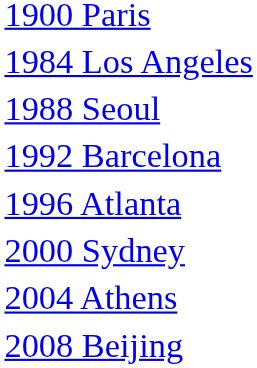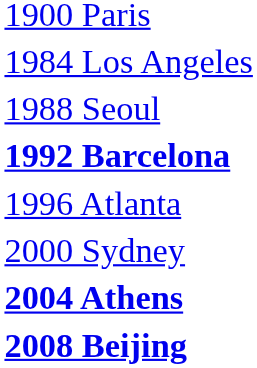 <table>
 <tr>
 <td><a href='#'>1900 Paris</a><br></td>
 <td></td>
 <td></td>
 <td></td>
 </tr>
 <tr>
 <td><a href='#'>1984 Los Angeles</a><br></td>
 <td></td>
 <td></td>
 <td></td>
 </tr>
 <tr>
 <td><a href='#'>1988 Seoul</a><br></td>
 <td></td>
 <td></td>
 <td></td>
 </tr>
 <tr>
-<td><a href='#'>1992 Barcelona</a><br></td>
+<td><strong><a href='#'>1992 Barcelona</a><br></strong></td>
 <td></td>
 <td></td>
 <td></td>
 </tr>
 <tr>
 <td><a href='#'>1996 Atlanta</a><br></td>
 <td></td>
 <td></td>
 <td></td>
 </tr>
 <tr>
 <td><a href='#'>2000 Sydney</a><br></td>
 <td></td>
 <td></td>
 <td></td>
 </tr>
 <tr>
-<td><a href='#'>2004 Athens</a><br></td>
+<td><strong><a href='#'>2004 Athens</a><br></strong></td>
 <td></td>
 <td></td>
 <td></td>
 </tr>
 <tr>
-<td><a href='#'>2008 Beijing</a><br></td>
+<td><strong><a href='#'>2008 Beijing</a><br></strong></td>
 <td></td>
 <td></td>
 <td></td>
 </tr>
 </table>
